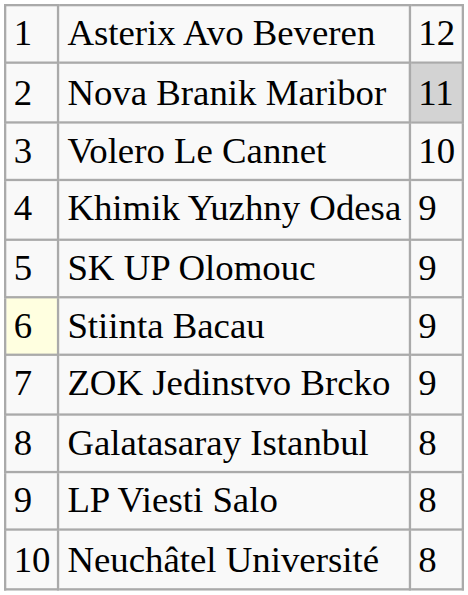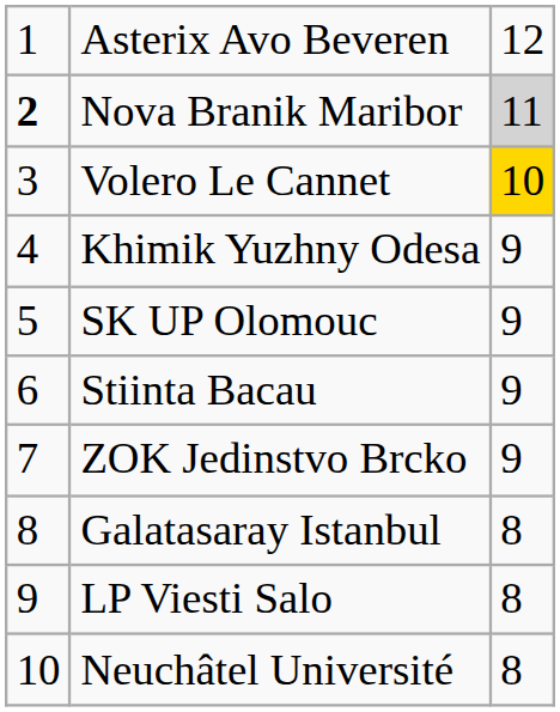 <table class="wikitable">
 <tr>
 <td>1</td>
 <td>Asterix Avo Beveren</td>
 <td>12</td>
 </tr>
 <tr>
-<td>2</td>
+<td><strong>2</strong></td>
 <td>Nova Branik Maribor</td>
 <td style="background: lightgrey;">11</td>
 </tr>
 <tr>
 <td>3</td>
 <td>Volero Le Cannet</td>
-<td>10</td>
+<td style="background: gold;">10</td>
 </tr>
 <tr>
 <td>4</td>
 <td>Khimik Yuzhny Odesa</td>
 <td>9</td>
 </tr>
 <tr>
 <td>5</td>
 <td>SK UP Olomouc</td>
 <td>9</td>
 </tr>
 <tr>
-<td style="background: lightyellow;">6</td>
+<td>6</td>
 <td>Stiinta Bacau</td>
 <td>9</td>
 </tr>
 <tr>
 <td>7</td>
 <td>ZOK Jedinstvo Brcko</td>
 <td>9</td>
 </tr>
 <tr>
 <td>8</td>
 <td>Galatasaray Istanbul</td>
 <td>8</td>
 </tr>
 <tr>
 <td>9</td>
 <td>LP Viesti Salo</td>
 <td>8</td>
 </tr>
 <tr>
 <td>10</td>
 <td>Neuchâtel Université</td>
 <td>8</td>
 </tr>
 </table>
